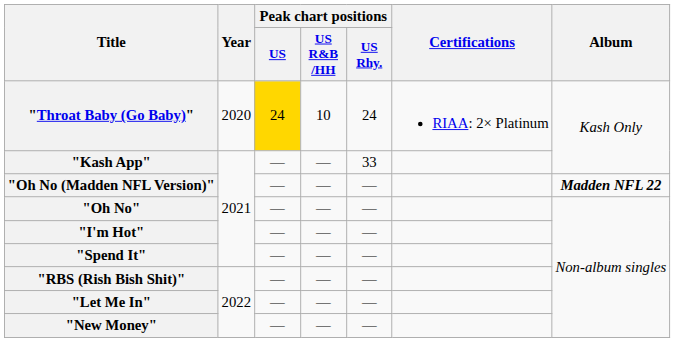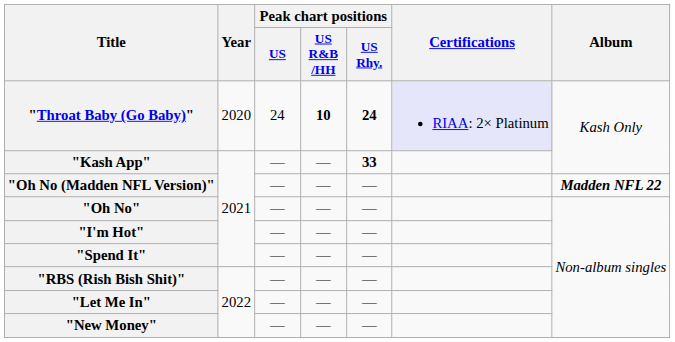 <table class="wikitable plainrowheaders" style="text-align:center;">
 <tr>
 <th scope="col" rowspan="2">Title</th>
 <th scope="col" rowspan="2">Year</th>
 <th scope="col" colspan="3">Peak chart positions</th>
 <th scope="col" rowspan="2"><a href='#'>Certifications</a></th>
 <th scope="col" rowspan="2">Album</th>
 </tr>
 <tr>
 <th scope="col" style="width:3em;font-size:90%;"><a href='#'>US</a><br></th>
 <th scope="col" style="width:3em;font-size:90%;"><a href='#'>US<br>R&B<br>/HH</a><br></th>
 <th scope="col" style="width:3em;font-size:90%;"><a href='#'>US<br>Rhy.</a><br></th>
 </tr>
 <tr>
 <th scope="row">"<a href='#'>Throat Baby (Go Baby)</a>"<br></th>
 <td>2020</td>
-<td style="background: gold;">24</td>
-<td>10</td>
 <td>24</td>
-<td><br><ul><li><a href='#'>RIAA</a>: 2× Platinum</li></ul></td>
+<td><strong>10</strong></td>
+<td><strong>24</strong></td>
+<td style="background: lavender;"><br><ul><li><a href='#'>RIAA</a>: 2× Platinum</li></ul></td>
 <td rowspan="2"><em>Kash Only</em></td>
 </tr>
 <tr>
 <th scope="row">"Kash App"<br></th>
 <td rowspan="5">2021</td>
 <td>—</td>
 <td>—</td>
-<td>33</td>
+<td><strong>33</strong></td>
 <td></td>
 </tr>
 <tr>
 <th scope="row">"Oh No (Madden NFL Version)"</th>
 <td>—</td>
 <td>—</td>
 <td>—</td>
 <td></td>
 <td><strong><em>Madden NFL 22</em></strong></td>
 </tr>
 <tr>
 <th scope="row">"Oh No"</th>
 <td>—</td>
 <td>—</td>
 <td>—</td>
 <td></td>
 <td rowspan="7"><em>Non-album singles</em></td>
 </tr>
 <tr>
 <th scope="row">"I'm Hot"</th>
 <td>—</td>
 <td>—</td>
 <td>—</td>
 <td></td>
 </tr>
 <tr>
 <th scope="row">"Spend It"</th>
 <td>—</td>
 <td>—</td>
 <td>—</td>
 <td></td>
 </tr>
 <tr>
 <th scope="row">"RBS (Rish Bish Shit)"</th>
 <td rowspan="3">2022</td>
 <td>—</td>
 <td>—</td>
 <td>—</td>
 <td></td>
 </tr>
 <tr>
 <th scope="row">"Let Me In"</th>
 <td>—</td>
 <td>—</td>
 <td>—</td>
 <td></td>
 </tr>
 <tr>
 <th scope="row">"New Money"</th>
 <td>—</td>
 <td>—</td>
 <td>—</td>
 <td></td>
 </tr>
 </table>
